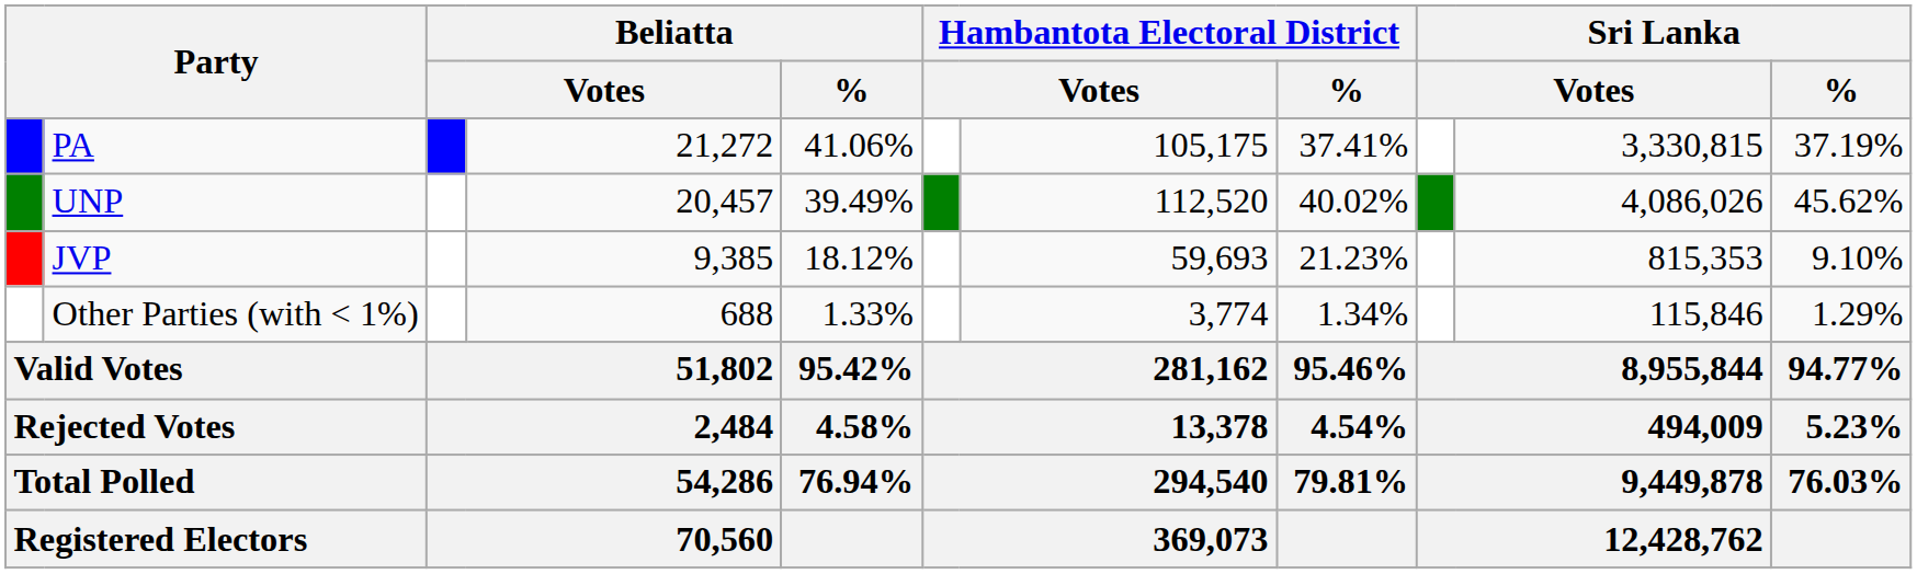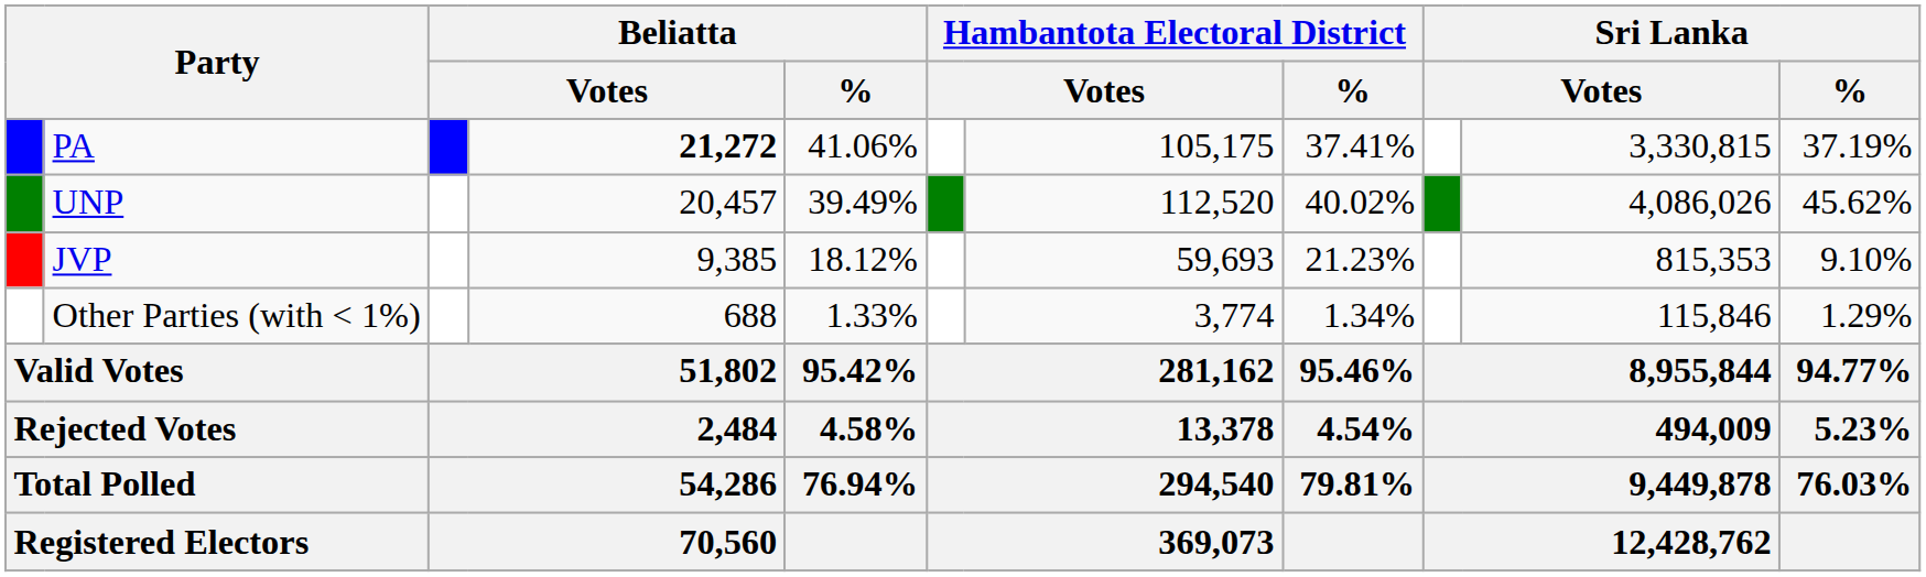 <table class="wikitable">
 <tr>
 <th colspan="2" width="144px"rowspan="2">Party</th>
 <th colspan="3" width="216px">Beliatta</th>
 <th colspan="3" width="216px"><a href='#'>Hambantota Electoral District</a></th>
 <th colspan="3" width="216px">Sri Lanka</th>
 </tr>
 <tr>
 <th colspan="2" width="144px">Votes</th>
 <th>%</th>
 <th colspan="2" width="144px">Votes</th>
 <th>%</th>
 <th colspan="2" width="144px">Votes</th>
 <th>%</th>
 </tr>
 <tr>
 <td style="background-color:blue;" width="10px"></td>
 <td style="text-align:left;"><a href='#'>PA</a></td>
 <td style="background-color:blue;" width="10px"></td>
-<td style="text-align:right;">21,272</td>
+<td style="text-align:right;"><strong>21,272</strong></td>
 <td style="text-align:right;">41.06%</td>
 <td style="background-color:white;" width="10px"></td>
 <td style="text-align:right;">105,175</td>
 <td style="text-align:right;">37.41%</td>
 <td style="background-color:white;" width="10px"></td>
 <td style="text-align:right;">3,330,815</td>
 <td style="text-align:right;">37.19%</td>
 </tr>
 <tr>
 <td style="background-color:green;" width="10px"></td>
 <td style="text-align:left;"><a href='#'>UNP</a></td>
 <td style="background-color:white;" width="10px"></td>
 <td style="text-align:right;">20,457</td>
 <td style="text-align:right;">39.49%</td>
 <td style="background-color:green;" width="10px"></td>
 <td style="text-align:right;">112,520</td>
 <td style="text-align:right;">40.02%</td>
 <td style="background-color:green;" width="10px"></td>
 <td style="text-align:right;">4,086,026</td>
 <td style="text-align:right;">45.62%</td>
 </tr>
 <tr>
 <td style="background-color:red;" width="10px"></td>
 <td style="text-align:left;"><a href='#'>JVP</a></td>
 <td style="background-color:white;" width="10px"></td>
 <td style="text-align:right;">9,385</td>
 <td style="text-align:right;">18.12%</td>
 <td style="background-color:white;" width="10px"></td>
 <td style="text-align:right;">59,693</td>
 <td style="text-align:right;">21.23%</td>
 <td style="background-color:white;" width="10px"></td>
 <td style="text-align:right;">815,353</td>
 <td style="text-align:right;">9.10%</td>
 </tr>
 <tr>
 <td style="background-color:white;" width="10px"></td>
 <td style="text-align:left;">Other Parties (with < 1%)</td>
 <td style="background-color:white;" width="10px"></td>
 <td style="text-align:right;">688</td>
 <td style="text-align:right;">1.33%</td>
 <td style="background-color:white;" width="10px"></td>
 <td style="text-align:right;">3,774</td>
 <td style="text-align:right;">1.34%</td>
 <td style="background-color:white;" width="10px"></td>
 <td style="text-align:right;">115,846</td>
 <td style="text-align:right;">1.29%</td>
 </tr>
 <tr>
 <th colspan="2" width="144px"style="text-align:left;">Valid Votes</th>
 <th style="text-align:right;"colspan="2" width="144px">51,802</th>
 <th style="text-align:right;">95.42%</th>
 <th style="text-align:right;"colspan="2" width="144px">281,162</th>
 <th style="text-align:right;">95.46%</th>
 <th style="text-align:right;"colspan="2" width="144px">8,955,844</th>
 <th style="text-align:right;">94.77%</th>
 </tr>
 <tr>
 <th colspan="2" width="144px"style="text-align:left;">Rejected Votes</th>
 <th style="text-align:right;"colspan="2" width="144px">2,484</th>
 <th style="text-align:right;">4.58%</th>
 <th style="text-align:right;"colspan="2" width="144px">13,378</th>
 <th style="text-align:right;">4.54%</th>
 <th style="text-align:right;"colspan="2" width="144px">494,009</th>
 <th style="text-align:right;">5.23%</th>
 </tr>
 <tr>
 <th colspan="2" width="144px"style="text-align:left;">Total Polled</th>
 <th style="text-align:right;"colspan="2" width="144px">54,286</th>
 <th style="text-align:right;">76.94%</th>
 <th style="text-align:right;"colspan="2" width="144px">294,540</th>
 <th style="text-align:right;">79.81%</th>
 <th style="text-align:right;"colspan="2" width="144px">9,449,878</th>
 <th style="text-align:right;">76.03%</th>
 </tr>
 <tr>
 <th colspan="2" width="144px"style="text-align:left;">Registered Electors</th>
 <th style="text-align:right;"colspan="2" width="144px">70,560</th>
 <th></th>
 <th style="text-align:right;"colspan="2" width="144px">369,073</th>
 <th></th>
 <th style="text-align:right;"colspan="2" width="144px">12,428,762</th>
 <th></th>
 </tr>
 </table>
